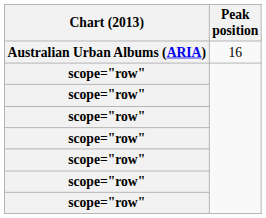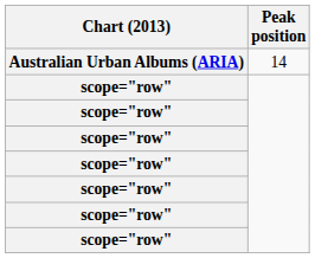 <table class="wikitable sortable plainrowheaders" style="text-align:center">
 <tr>
 <th scope="col">Chart (2013)</th>
 <th scope="col">Peak<br>position</th>
 </tr>
 <tr>
 <th scope="row">Australian Urban Albums (<a href='#'>ARIA</a>)</th>
-<td style="text-align:center;">16</td>
+<td style="text-align:center;">14</td>
 </tr>
 <tr>
 <th>scope="row" </th>
 </tr>
 <tr>
 <th>scope="row" </th>
 </tr>
 <tr>
 <th>scope="row" </th>
 </tr>
 <tr>
 <th>scope="row" </th>
 </tr>
 <tr>
 <th>scope="row" </th>
 </tr>
 <tr>
 <th>scope="row" </th>
 </tr>
 <tr>
 <th>scope="row" </th>
 </tr>
 </table>
